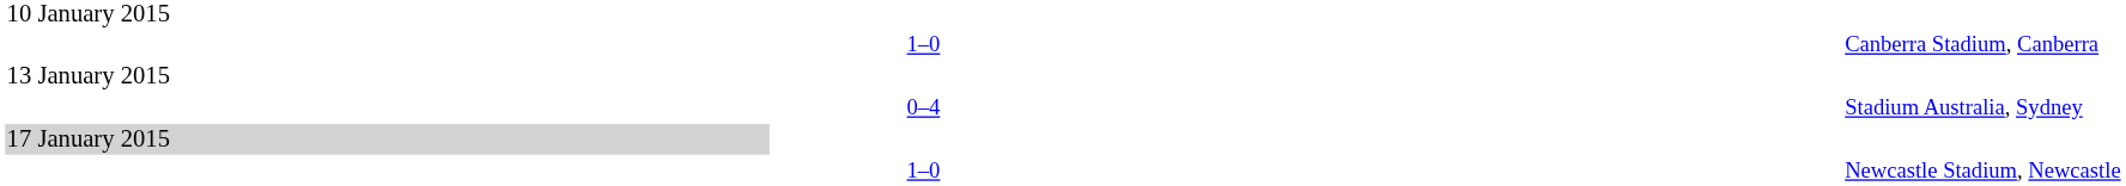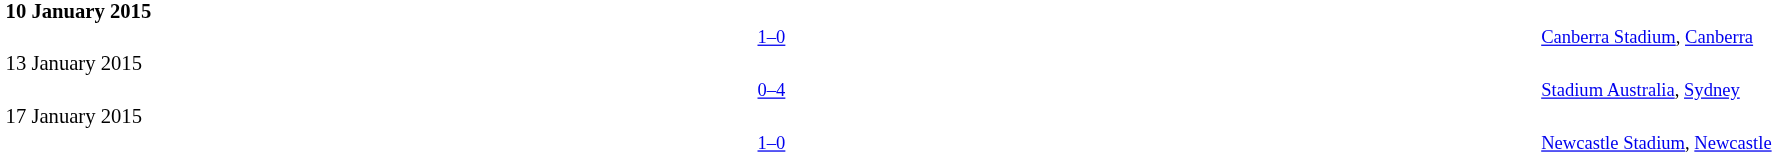 <table style="width:100%" cellspacing="1">
 <tr>
 <th width=25%></th>
 <th width=10%></th>
 <th width=25%></th>
 </tr>
 <tr>
-<td>10 January 2015</td>
+<td><strong>10 January 2015</strong></td>
 </tr>
 <tr style=font-size:90%>
 <td align=right></td>
 <td align=center><a href='#'>1–0</a></td>
 <td></td>
 <td><a href='#'>Canberra Stadium</a>, <a href='#'>Canberra</a></td>
 </tr>
 <tr>
 <td>13 January 2015</td>
 </tr>
 <tr style=font-size:90%>
 <td align=right></td>
 <td align=center><a href='#'>0–4</a></td>
 <td></td>
 <td><a href='#'>Stadium Australia</a>, <a href='#'>Sydney</a></td>
 </tr>
 <tr>
-<td style="background: lightgrey;">17 January 2015</td>
+<td>17 January 2015</td>
 </tr>
 <tr style=font-size:90%>
 <td align=right></td>
 <td align=center><a href='#'>1–0</a></td>
 <td></td>
 <td><a href='#'>Newcastle Stadium</a>, <a href='#'>Newcastle</a></td>
 </tr>
 </table>
